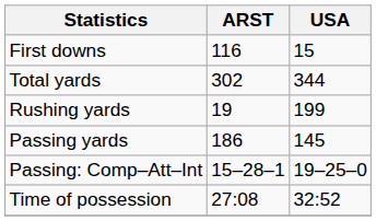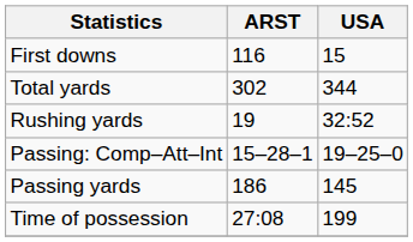 <table class="wikitable" style="float: left;">
 <tr>
 <th>Statistics</th>
 <th>ARST</th>
 <th>USA</th>
 </tr>
 <tr>
 <td>First downs</td>
 <td>116</td>
 <td>15</td>
 </tr>
 <tr>
 <td>Total yards</td>
 <td>302</td>
 <td>344</td>
 </tr>
 <tr>
 <td>Rushing yards</td>
 <td>19</td>
-<td>199</td>
+<td>32:52</td>
+</tr>
+<tr>
+<td>Passing: Comp–Att–Int</td>
+<td>15–28–1</td>
+<td>19–25–0</td>
 </tr>
 <tr>
 <td>Passing yards</td>
 <td>186</td>
 <td>145</td>
 </tr>
 <tr>
-<td>Passing: Comp–Att–Int</td>
-<td>15–28–1</td>
-<td>19–25–0</td>
-</tr>
-<tr>
 <td>Time of possession</td>
 <td>27:08</td>
-<td>32:52</td>
+<td>199</td>
 </tr>
 <tr>
 </tr>
 </table>
